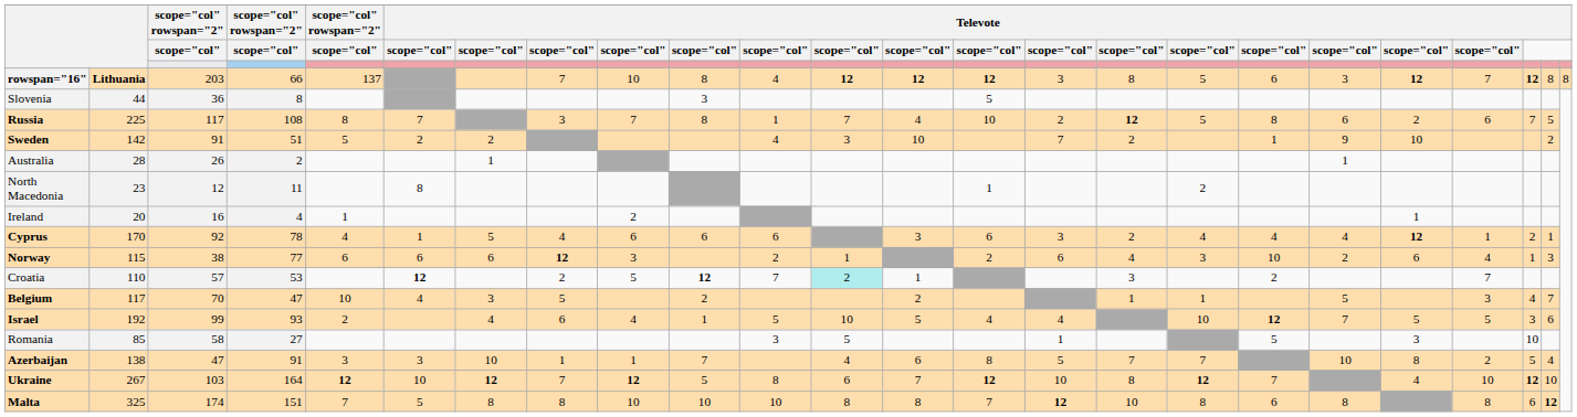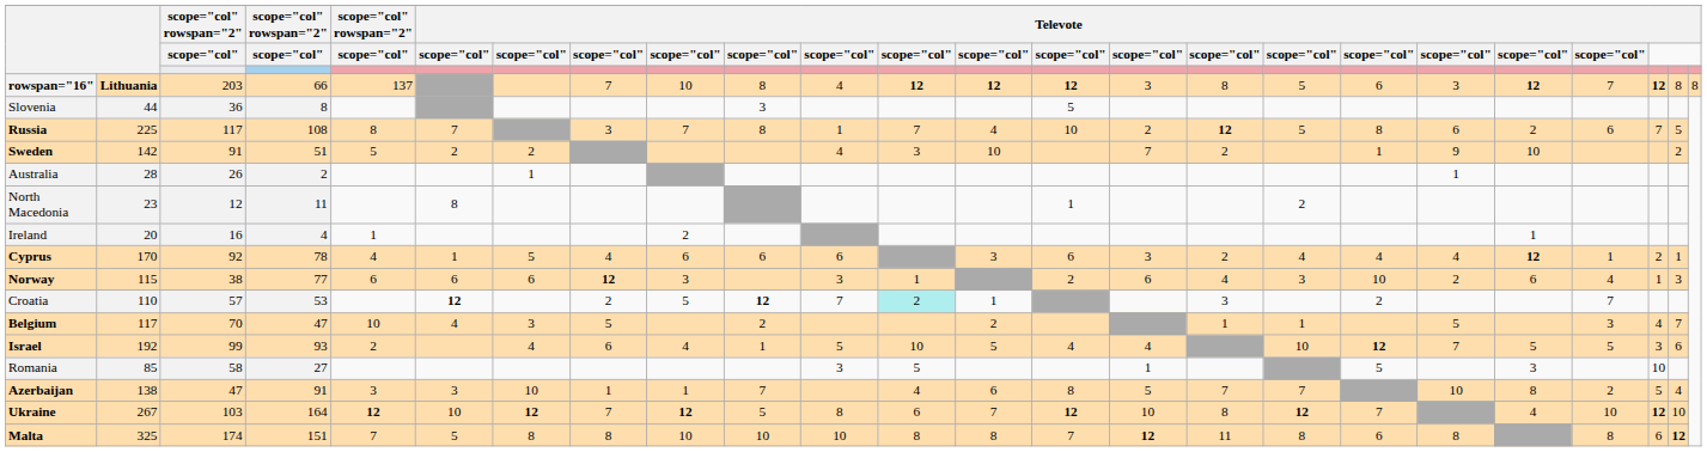 <table class="wikitable plainrowheaders" style="text-align:center; font-size:85%;">
 <tr>
 </tr>
 <tr>
 <td colspan="2" rowspan="3" style="background: #F2F2F2;"></td>
 <th>scope="col" rowspan="2" </th>
 <th>scope="col" rowspan="2" </th>
 <th>scope="col" rowspan="2" </th>
 <th scope="col" colspan="19">Televote</th>
 </tr>
 <tr>
 <th>scope="col" </th>
 <th>scope="col" </th>
 <th>scope="col" </th>
 <th>scope="col" </th>
 <th>scope="col" </th>
 <th>scope="col" </th>
 <th>scope="col" </th>
 <th>scope="col" </th>
 <th>scope="col" </th>
 <th>scope="col" </th>
 <th>scope="col" </th>
 <th>scope="col" </th>
 <th>scope="col" </th>
 <th>scope="col" </th>
 <th>scope="col" </th>
 <th>scope="col" </th>
 <th>scope="col" </th>
 <th>scope="col" </th>
 <th>scope="col" </th>
 </tr>
 <tr>
 <td style="height:2px; background:#eaecf0; border-top:1px solid transparent;"></td>
 <td style="background:#A4D1EF;"></td>
 <td style="background:#EFA4A9;"></td>
 <th style="background:#EFA4A9;"></th>
 <th style="background:#EFA4A9;"></th>
 <th style="background:#EFA4A9;"></th>
 <th style="background:#EFA4A9;"></th>
 <th style="background:#EFA4A9;"></th>
 <th style="background:#EFA4A9;"></th>
 <th style="background:#EFA4A9;"></th>
 <th style="background:#EFA4A9;"></th>
 <th style="background:#EFA4A9;"></th>
 <th style="background:#EFA4A9;"></th>
 <th style="background:#EFA4A9;"></th>
 <th style="background:#EFA4A9;"></th>
 <th style="background:#EFA4A9;"></th>
 <th style="background:#EFA4A9;"></th>
 <th style="background:#EFA4A9;"></th>
 <th style="background:#EFA4A9;"></th>
 <th style="background:#EFA4A9;"></th>
 <th style="background:#EFA4A9;"></th>
 <th style="background:#EFA4A9;"></th>
 </tr>
 <tr style="background:#ffdead;">
 <th>rowspan="16" </th>
 <td scope="row" style="text-align:left; font-weight:bold; background:#ffdead;">Lithuania</td>
 <td style="text-align:right;">203</td>
 <td style="text-align:right;">66</td>
 <td style="text-align:right;">137</td>
 <td style="text-align:left; background:#aaa;"></td>
 <td></td>
 <td>7</td>
 <td>10</td>
 <td>8</td>
 <td>4</td>
 <td><strong>12</strong></td>
 <td><strong>12</strong></td>
 <td><strong>12</strong></td>
 <td>3</td>
 <td>8</td>
 <td>5</td>
 <td>6</td>
 <td>3</td>
 <td><strong>12</strong></td>
 <td>7</td>
 <td><strong>12</strong></td>
 <td>8</td>
 <td>8</td>
 </tr>
 <tr>
 <td scope="row" style="text-align:left; background:#f2f2f2;">Slovenia</td>
 <td style="text-align:right; background:#f2f2f2;">44</td>
 <td style="text-align:right; background:#f2f2f2;">36</td>
 <td style="text-align:right; background:#f2f2f2;">8</td>
 <td></td>
 <td style="text-align:left; background:#aaa;"></td>
 <td></td>
 <td></td>
 <td></td>
 <td>3</td>
 <td></td>
 <td></td>
 <td></td>
 <td>5</td>
 <td></td>
 <td></td>
 <td></td>
 <td></td>
 <td></td>
 <td></td>
 <td></td>
 <td></td>
 <td></td>
 </tr>
 <tr style="background:#ffdead;">
 <td scope="row" style="text-align:left; font-weight:bold; background:#ffdead;">Russia</td>
 <td style="text-align:right;">225</td>
 <td style="text-align:right;">117</td>
 <td style="text-align:right;">108</td>
 <td>8</td>
 <td>7</td>
 <td style="text-align:left; background:#aaa;"></td>
 <td>3</td>
 <td>7</td>
 <td>8</td>
 <td>1</td>
 <td>7</td>
 <td>4</td>
 <td>10</td>
 <td>2</td>
 <td><strong>12</strong></td>
 <td>5</td>
 <td>8</td>
 <td>6</td>
 <td>2</td>
 <td>6</td>
 <td>7</td>
 <td>5</td>
 </tr>
 <tr style="background:#ffdead;">
 <td scope="row" style="text-align:left; font-weight:bold; background:#ffdead;">Sweden</td>
 <td style="text-align:right;">142</td>
 <td style="text-align:right;">91</td>
 <td style="text-align:right;">51</td>
 <td>5</td>
 <td>2</td>
 <td>2</td>
 <td style="text-align:left; background:#aaa;"></td>
 <td></td>
 <td></td>
 <td>4</td>
 <td>3</td>
 <td>10</td>
 <td></td>
 <td>7</td>
 <td>2</td>
 <td></td>
 <td>1</td>
 <td>9</td>
 <td>10</td>
 <td></td>
 <td></td>
 <td>2</td>
 </tr>
 <tr>
 <td scope="row" style="text-align:left; background:#f2f2f2;">Australia</td>
 <td style="text-align:right; background:#f2f2f2;">28</td>
 <td style="text-align:right; background:#f2f2f2;">26</td>
 <td style="text-align:right; background:#f2f2f2;">2</td>
 <td></td>
 <td></td>
 <td>1</td>
 <td></td>
 <td style="text-align:left; background:#aaa;"></td>
 <td></td>
 <td></td>
 <td></td>
 <td></td>
 <td></td>
 <td></td>
 <td></td>
 <td></td>
 <td></td>
 <td>1</td>
 <td></td>
 <td></td>
 <td></td>
 <td></td>
 </tr>
 <tr>
 <td scope="row" style="text-align:left; background:#f2f2f2;">North Macedonia</td>
 <td style="text-align:right; background:#f2f2f2;">23</td>
 <td style="text-align:right; background:#f2f2f2;">12</td>
 <td style="text-align:right; background:#f2f2f2;">11</td>
 <td></td>
 <td>8</td>
 <td></td>
 <td></td>
 <td></td>
 <td style="text-align:left; background:#aaa;"></td>
 <td></td>
 <td></td>
 <td></td>
 <td>1</td>
 <td></td>
 <td></td>
 <td>2</td>
 <td></td>
 <td></td>
 <td></td>
 <td></td>
 <td></td>
 <td></td>
 </tr>
 <tr>
 <td scope="row" style="text-align:left; background:#f2f2f2;">Ireland</td>
 <td style="text-align:right; background:#f2f2f2;">20</td>
 <td style="text-align:right; background:#f2f2f2;">16</td>
 <td style="text-align:right; background:#f2f2f2;">4</td>
 <td>1</td>
 <td></td>
 <td></td>
 <td></td>
 <td>2</td>
 <td></td>
 <td style="text-align:left; background:#aaa;"></td>
 <td></td>
 <td></td>
 <td></td>
 <td></td>
 <td></td>
 <td></td>
 <td></td>
 <td></td>
 <td>1</td>
 <td></td>
 <td></td>
 <td></td>
 </tr>
 <tr style="background:#ffdead;">
 <td scope="row" style="text-align:left; font-weight:bold; background:#ffdead;">Cyprus</td>
 <td style="text-align:right;">170</td>
 <td style="text-align:right;">92</td>
 <td style="text-align:right;">78</td>
 <td>4</td>
 <td>1</td>
 <td>5</td>
 <td>4</td>
 <td>6</td>
 <td>6</td>
 <td>6</td>
 <td style="text-align:left; background:#aaa;"></td>
 <td>3</td>
 <td>6</td>
 <td>3</td>
 <td>2</td>
 <td>4</td>
 <td>4</td>
 <td>4</td>
 <td><strong>12</strong></td>
 <td>1</td>
 <td>2</td>
 <td>1</td>
 </tr>
 <tr style="background:#ffdead;">
 <td scope="row" style="text-align:left; font-weight:bold; background:#ffdead;">Norway</td>
 <td style="text-align:right;">115</td>
 <td style="text-align:right;">38</td>
 <td style="text-align:right;">77</td>
 <td>6</td>
 <td>6</td>
 <td>6</td>
 <td><strong>12</strong></td>
 <td>3</td>
 <td></td>
-<td>2</td>
+<td>3</td>
 <td>1</td>
 <td style="text-align:left; background:#aaa;"></td>
 <td>2</td>
 <td>6</td>
 <td>4</td>
 <td>3</td>
 <td>10</td>
 <td>2</td>
 <td>6</td>
 <td>4</td>
 <td>1</td>
 <td>3</td>
 </tr>
 <tr>
 <td scope="row" style="text-align:left; background:#f2f2f2;">Croatia</td>
 <td style="text-align:right; background:#f2f2f2;">110</td>
 <td style="text-align:right; background:#f2f2f2;">57</td>
 <td style="text-align:right; background:#f2f2f2;">53</td>
 <td></td>
 <td><strong>12</strong></td>
 <td></td>
 <td>2</td>
 <td>5</td>
 <td><strong>12</strong></td>
 <td>7</td>
 <td style="background: paleturquoise;">2</td>
 <td>1</td>
 <td style="text-align:left; background:#aaa;"></td>
 <td></td>
 <td>3</td>
 <td></td>
 <td>2</td>
 <td></td>
 <td></td>
 <td>7</td>
 <td></td>
 <td></td>
 </tr>
 <tr style="background:#ffdead;">
 <td scope="row" style="text-align:left; font-weight:bold; background:#ffdead;">Belgium</td>
 <td style="text-align:right;">117</td>
 <td style="text-align:right;">70</td>
 <td style="text-align:right;">47</td>
 <td>10</td>
 <td>4</td>
 <td>3</td>
 <td>5</td>
 <td></td>
 <td>2</td>
 <td></td>
 <td></td>
 <td>2</td>
 <td></td>
 <td style="text-align:left; background:#aaa;"></td>
 <td>1</td>
 <td>1</td>
 <td></td>
 <td>5</td>
 <td></td>
 <td>3</td>
 <td>4</td>
 <td>7</td>
 </tr>
 <tr style="background:#ffdead;">
 <td scope="row" style="text-align:left; font-weight:bold; background:#ffdead;">Israel</td>
 <td style="text-align:right;">192</td>
 <td style="text-align:right;">99</td>
 <td style="text-align:right;">93</td>
 <td>2</td>
 <td></td>
 <td>4</td>
 <td>6</td>
 <td>4</td>
 <td>1</td>
 <td>5</td>
 <td>10</td>
 <td>5</td>
 <td>4</td>
 <td>4</td>
 <td style="text-align:left; background:#aaa;"></td>
 <td>10</td>
 <td><strong>12</strong></td>
 <td>7</td>
 <td>5</td>
 <td>5</td>
 <td>3</td>
 <td>6</td>
 </tr>
 <tr>
 <td scope="row" style="text-align:left; background:#f2f2f2;">Romania</td>
 <td style="text-align:right; background:#f2f2f2;">85</td>
 <td style="text-align:right; background:#f2f2f2;">58</td>
 <td style="text-align:right; background:#f2f2f2;">27</td>
 <td></td>
 <td></td>
 <td></td>
 <td></td>
 <td></td>
 <td></td>
 <td>3</td>
 <td>5</td>
 <td></td>
 <td></td>
 <td>1</td>
 <td></td>
 <td style="text-align:left; background:#aaa;"></td>
 <td>5</td>
 <td></td>
 <td>3</td>
 <td></td>
 <td>10</td>
 <td></td>
 </tr>
 <tr style="background:#ffdead;">
 <td scope="row" style="text-align:left; font-weight:bold; background:#ffdead;">Azerbaijan</td>
 <td style="text-align:right;">138</td>
 <td style="text-align:right;">47</td>
 <td style="text-align:right;">91</td>
 <td>3</td>
 <td>3</td>
 <td>10</td>
 <td>1</td>
 <td>1</td>
 <td>7</td>
 <td></td>
 <td>4</td>
 <td>6</td>
 <td>8</td>
 <td>5</td>
 <td>7</td>
 <td>7</td>
 <td style="text-align:left; background:#aaa;"></td>
 <td>10</td>
 <td>8</td>
 <td>2</td>
 <td>5</td>
 <td>4</td>
 </tr>
 <tr style="background:#ffdead;">
 <td scope="row" style="text-align:left; font-weight:bold; background:#ffdead;">Ukraine</td>
 <td style="text-align:right;">267</td>
 <td style="text-align:right;">103</td>
 <td style="text-align:right;">164</td>
 <td><strong>12</strong></td>
 <td>10</td>
 <td><strong>12</strong></td>
 <td>7</td>
 <td><strong>12</strong></td>
 <td>5</td>
 <td>8</td>
 <td>6</td>
 <td>7</td>
 <td><strong>12</strong></td>
 <td>10</td>
 <td>8</td>
 <td><strong>12</strong></td>
 <td>7</td>
 <td style="text-align:left; background:#aaa;"></td>
 <td>4</td>
 <td>10</td>
 <td><strong>12</strong></td>
 <td>10</td>
 </tr>
 <tr style="background:#ffdead;">
 <td scope="row" style="text-align:left; font-weight:bold; background:#ffdead;">Malta</td>
 <td style="text-align:right;">325</td>
 <td style="text-align:right;">174</td>
 <td style="text-align:right;">151</td>
 <td>7</td>
 <td>5</td>
 <td>8</td>
 <td>8</td>
 <td>10</td>
 <td>10</td>
 <td>10</td>
 <td>8</td>
 <td>8</td>
 <td>7</td>
 <td><strong>12</strong></td>
-<td>10</td>
+<td>11</td>
 <td>8</td>
 <td>6</td>
 <td>8</td>
 <td style="text-align:left; background:#aaa;"></td>
 <td>8</td>
 <td>6</td>
 <td><strong>12</strong></td>
 </tr>
 </table>
